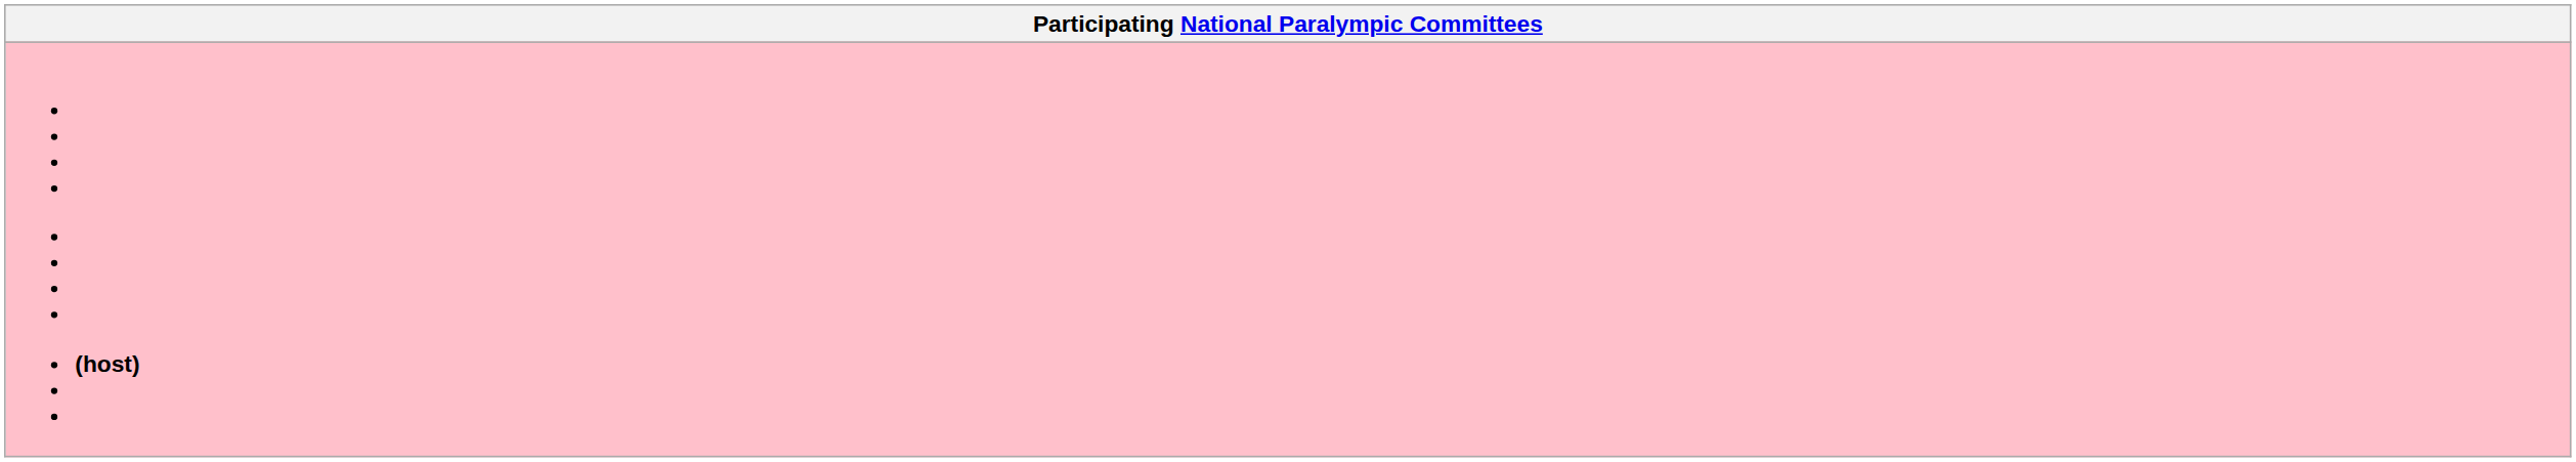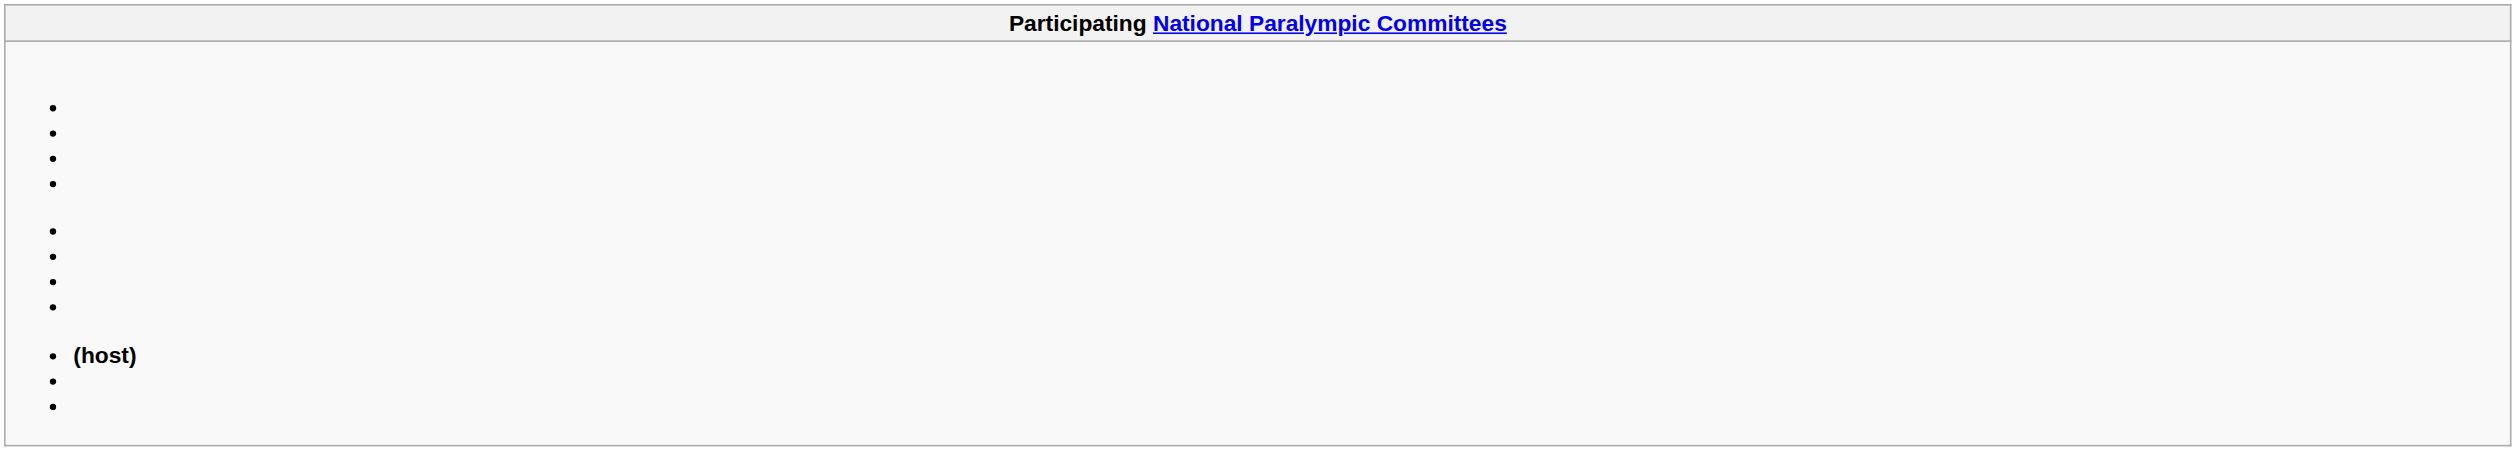 <table class="wikitable mw-collapsible" style="white-space:nowrap; width:80%; font-size:90%;">
 <tr>
 <th>Participating <a href='#'>National Paralympic Committees</a></th>
 </tr>
 <tr>
-<td style="background: pink;"><br> <ul><li></li><li></li><li></li><li></li></ul><ul><li></li><li></li><li></li><li></li></ul><ul><li> <strong>(host)</strong></li><li></li><li></li></ul></td>
+<td><br> <ul><li></li><li></li><li></li><li></li></ul><ul><li></li><li></li><li></li><li></li></ul><ul><li> <strong>(host)</strong></li><li></li><li></li></ul></td>
 </tr>
 </table>
